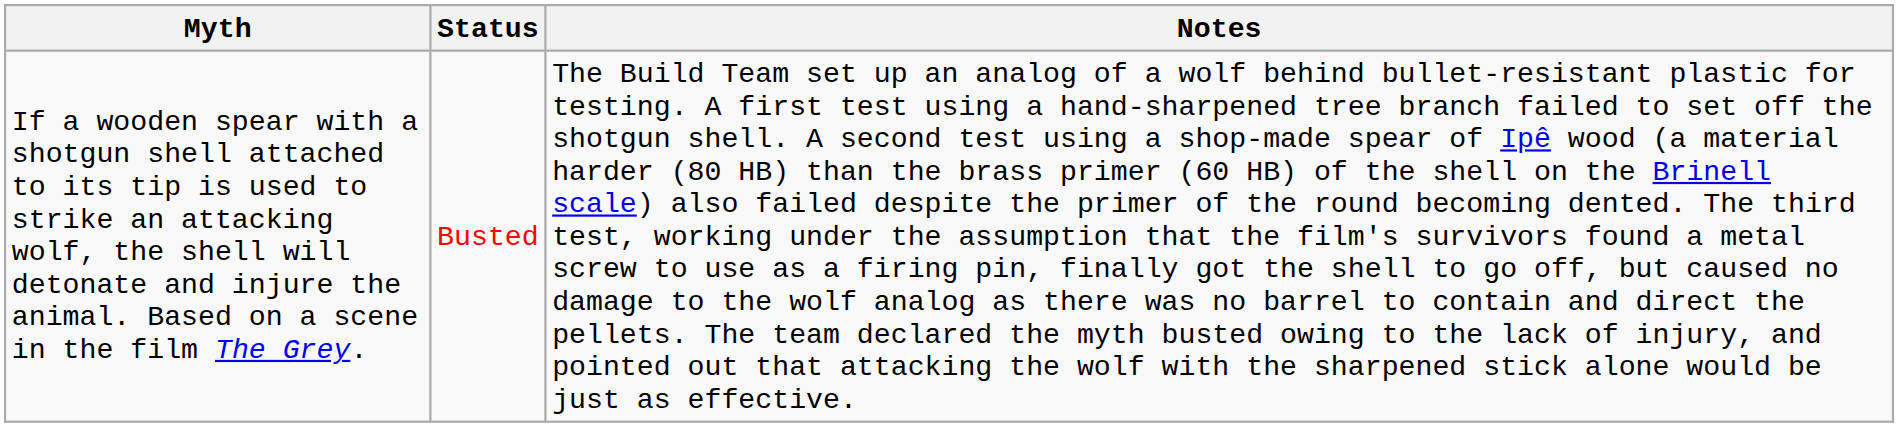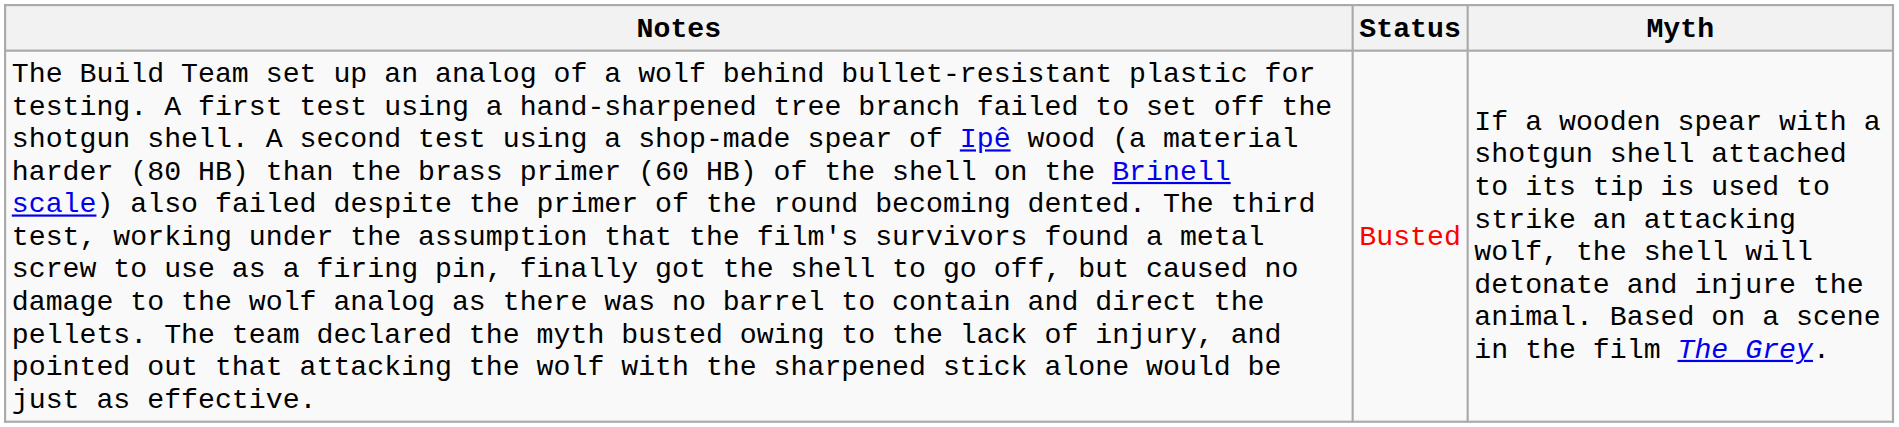 <table class="wikitable plainrowheaders">
 <tr>
+<th scope"col">Notes</th>
+<th scope"col">Status</th>
 <th scope"col">Myth</th>
-<th scope"col">Status</th>
-<th scope"col">Notes</th>
 </tr>
 <tr>
+<td>The Build Team set up an analog of a wolf behind bullet-resistant plastic for testing. A first test using a hand-sharpened tree branch failed to set off the shotgun shell. A second test using a shop-made spear of <a href='#'>Ipê</a> wood (a material harder (80 HB) than the brass primer (60 HB) of the shell on the <a href='#'>Brinell scale</a>) also failed despite the primer of the round becoming dented. The third test, working under the assumption that the film's survivors found a metal screw to use as a firing pin, finally got the shell to go off, but caused no damage to the wolf analog as there was no barrel to contain and direct the pellets. The team declared the myth busted owing to the lack of injury, and pointed out that attacking the wolf with the sharpened stick alone would be just as effective.</td>
+<td style="color:red">Busted</td>
 <td scope"row">If a wooden spear with a shotgun shell attached to its tip is used to strike an attacking wolf, the shell will detonate and injure the animal. Based on a scene in the film <em><a href='#'>The Grey</a></em>.</td>
-<td style="color:red">Busted</td>
-<td>The Build Team set up an analog of a wolf behind bullet-resistant plastic for testing. A first test using a hand-sharpened tree branch failed to set off the shotgun shell. A second test using a shop-made spear of <a href='#'>Ipê</a> wood (a material harder (80 HB) than the brass primer (60 HB) of the shell on the <a href='#'>Brinell scale</a>) also failed despite the primer of the round becoming dented. The third test, working under the assumption that the film's survivors found a metal screw to use as a firing pin, finally got the shell to go off, but caused no damage to the wolf analog as there was no barrel to contain and direct the pellets. The team declared the myth busted owing to the lack of injury, and pointed out that attacking the wolf with the sharpened stick alone would be just as effective.</td>
 </tr>
 </table>
